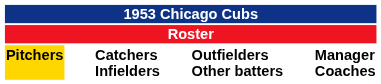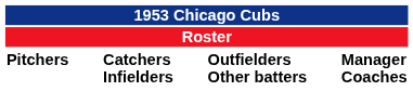 <table class="toccolours" style="font-size: 95%;">
 <tr>
 <th colspan="10" style="background-color: #0e3386; color: white; text-align: center;">1953 Chicago Cubs</th>
 </tr>
 <tr>
 <td colspan="10" style="background-color: #EE1422; color: white; text-align: center;"><strong>Roster</strong></td>
 </tr>
 <tr>
-<td valign="top" style="background: gold;"><strong>Pitchers</strong><br>               </td>
+<td valign="top"><strong>Pitchers</strong><br>               </td>
 <td width="25px"></td>
 <td valign="top"><strong>Catchers</strong><br>    <strong>Infielders</strong>         </td>
 <td width="25px"></td>
 <td valign="top"><strong>Outfielders</strong><br>          <strong>Other batters</strong> </td>
 <td width="25px"></td>
 <td valign="top"><strong>Manager</strong><br> <strong>Coaches</strong>    </td>
 </tr>
 <tr>
 </tr>
 </table>
